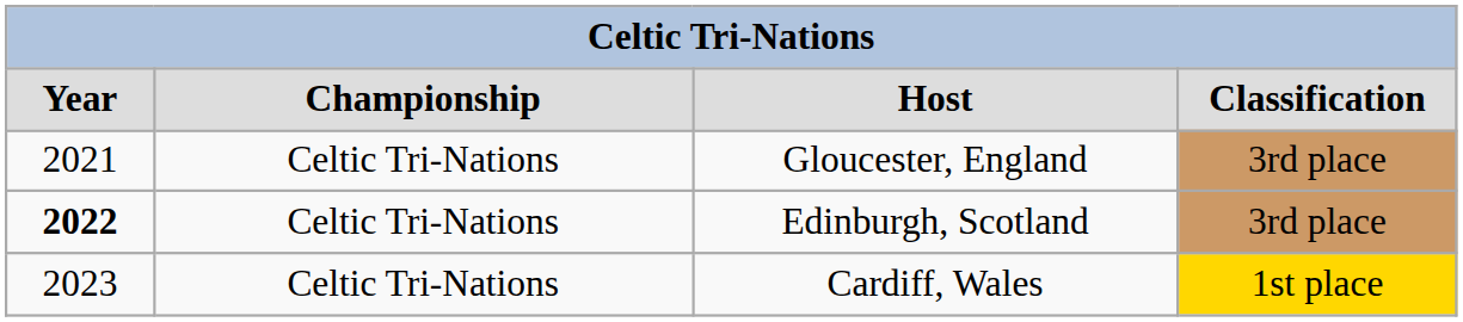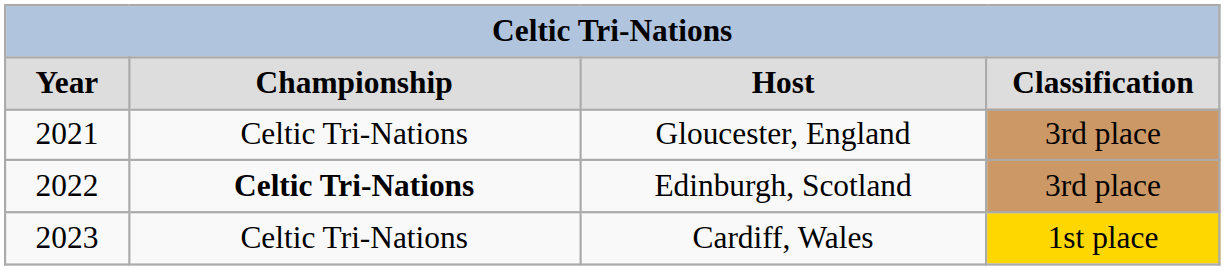 <table class="wikitable" style=font-size:90%>
 <tr align=center style="background:#B0C4DE;">
 <td colspan=4><strong>Celtic Tri-Nations</strong></td>
 </tr>
 <tr align=center bgcolor="#dddddd">
 <td width=50><strong>Year</strong></td>
 <td width=200><strong>Championship</strong></td>
 <td width=180><strong>Host</strong></td>
 <td width=100><strong>Classification</strong></td>
 </tr>
 <tr align=center>
 <td>2021</td>
 <td>Celtic Tri-Nations</td>
 <td> Gloucester, England</td>
 <td align="center" bgcolor="#cc9966"> 3rd place</td>
 </tr>
 <tr align=center>
-<td><strong>2022</strong></td>
-<td>Celtic Tri-Nations</td>
+<td>2022</td>
+<td><strong>Celtic Tri-Nations</strong></td>
 <td> Edinburgh, Scotland</td>
 <td align="center" bgcolor="#cc9966"> 3rd place</td>
 </tr>
 <tr align=center>
 <td>2023</td>
 <td>Celtic Tri-Nations</td>
 <td>    Cardiff, Wales</td>
 <td align="center" bgcolor="gold"> 1st place</td>
 </tr>
 </table>
